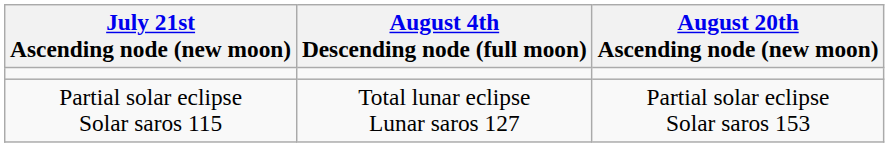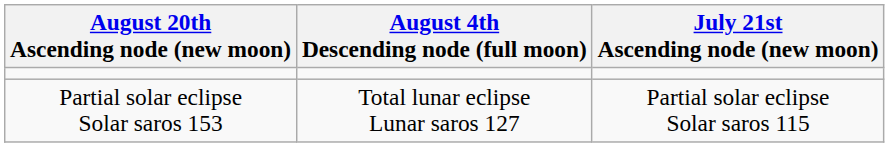 <table class="wikitable">
 <tr>
+<th><a href='#'>August 20th</a><br>Ascending node (new moon)</th>
+<th><a href='#'>August 4th</a><br>Descending node (full moon)</th>
 <th><a href='#'>July 21st</a><br>Ascending node (new moon)</th>
-<th><a href='#'>August 4th</a><br>Descending node (full moon)</th>
-<th><a href='#'>August 20th</a><br>Ascending node (new moon)</th>
 </tr>
 <tr>
 <td></td>
 <td></td>
 <td></td>
 </tr>
 <tr align=center>
+<td>Partial solar eclipse<br>Solar saros 153</td>
+<td>Total lunar eclipse<br>Lunar saros 127</td>
 <td>Partial solar eclipse<br>Solar saros 115</td>
-<td>Total lunar eclipse<br>Lunar saros 127</td>
-<td>Partial solar eclipse<br>Solar saros 153</td>
 </tr>
 </table>
